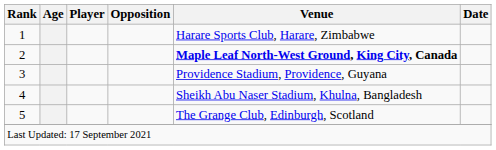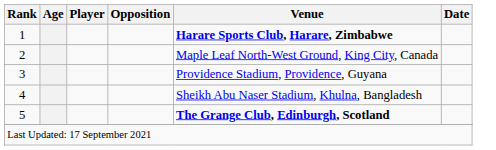 <table class="wikitable plainrowheaders sortable">
 <tr>
 <th scope=col>Rank</th>
 <th scope=col>Age</th>
 <th scope=col>Player</th>
 <th scope=col>Opposition</th>
 <th scope=col>Venue</th>
 <th scope=col>Date</th>
 </tr>
 <tr>
 <td align=center>1</td>
 <th scope=row style=text-align:center;></th>
 <td></td>
 <td></td>
-<td><a href='#'>Harare Sports Club</a>, <a href='#'>Harare</a>, Zimbabwe</td>
+<td><strong><a href='#'>Harare Sports Club</a>, <a href='#'>Harare</a>, Zimbabwe</strong></td>
 <td></td>
 </tr>
 <tr>
 <td align=center>2</td>
 <th scope=row style=text-align:center;></th>
 <td></td>
 <td></td>
-<td><strong><a href='#'>Maple Leaf North-West Ground</a>, <a href='#'>King City</a>, Canada</strong></td>
+<td><a href='#'>Maple Leaf North-West Ground</a>, <a href='#'>King City</a>, Canada</td>
 <td></td>
 </tr>
 <tr>
 <td align=center>3</td>
 <th scope=row style=text-align:center;></th>
 <td></td>
 <td></td>
 <td><a href='#'>Providence Stadium</a>, <a href='#'>Providence</a>, Guyana</td>
 <td></td>
 </tr>
 <tr>
 <td align=center>4</td>
 <th scope=row style=text-align:center;></th>
 <td></td>
 <td></td>
 <td><a href='#'>Sheikh Abu Naser Stadium</a>, <a href='#'>Khulna</a>, Bangladesh</td>
 <td></td>
 </tr>
 <tr>
 <td align=center>5</td>
 <th scope=row style=text-align:center;></th>
 <td></td>
 <td></td>
-<td><a href='#'>The Grange Club</a>, <a href='#'>Edinburgh</a>, Scotland</td>
+<td><strong><a href='#'>The Grange Club</a>, <a href='#'>Edinburgh</a>, Scotland</strong></td>
 <td></td>
 </tr>
 <tr>
 </tr>
 <tr class=sortbottom>
 <td colspan=7><small>Last Updated: 17 September 2021</small></td>
 </tr>
 </table>
